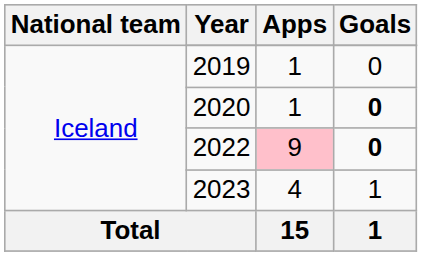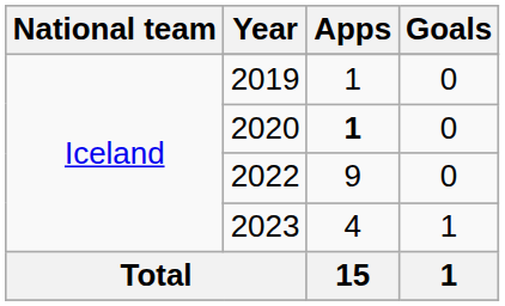 <table class="wikitable" style="text-align:center">
 <tr>
 <th>National team</th>
 <th>Year</th>
 <th>Apps</th>
 <th>Goals</th>
 </tr>
 <tr>
 <td rowspan=5><a href='#'>Iceland</a></td>
 </tr>
 <tr>
 <td>2019</td>
 <td>1</td>
 <td>0</td>
 </tr>
 <tr>
 <td>2020</td>
-<td>1</td>
-<td><strong>0</strong></td>
+<td><strong>1</strong></td>
+<td>0</td>
 </tr>
 <tr>
 <td>2022</td>
-<td style="background: pink;">9</td>
-<td><strong>0</strong></td>
+<td>9</td>
+<td>0</td>
 </tr>
 <tr>
 <td>2023</td>
 <td>4</td>
 <td>1</td>
 </tr>
 <tr>
 <th colspan="2">Total</th>
 <th>15</th>
 <th>1</th>
 </tr>
 </table>
